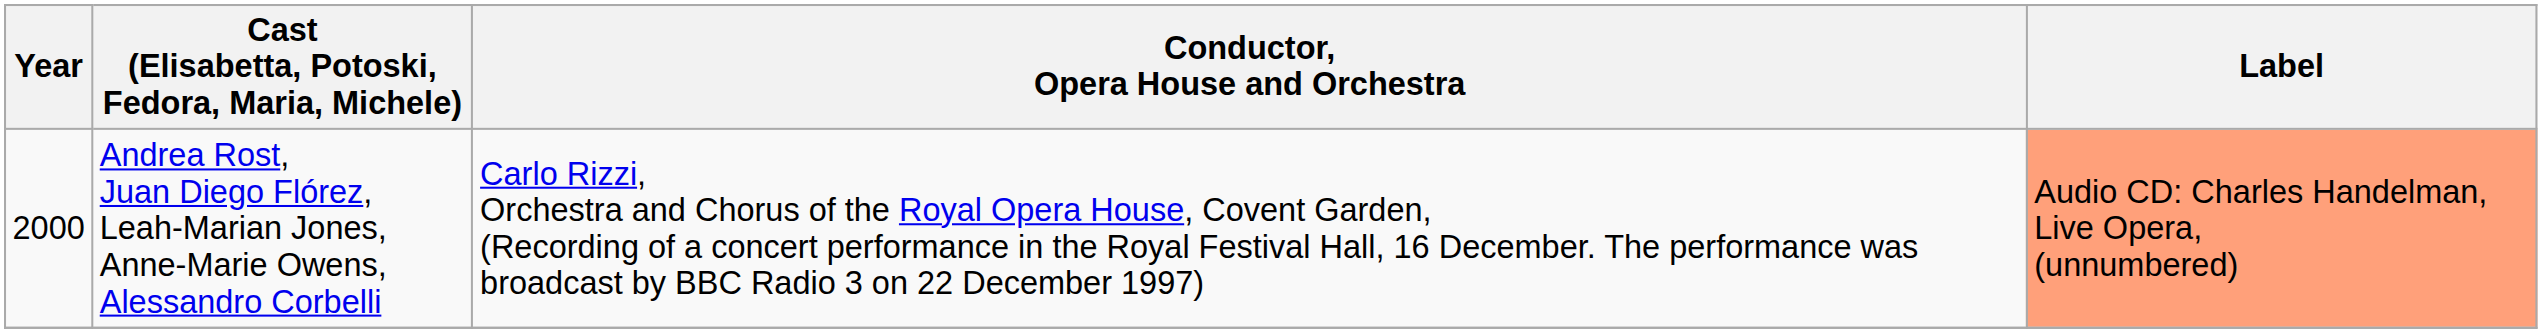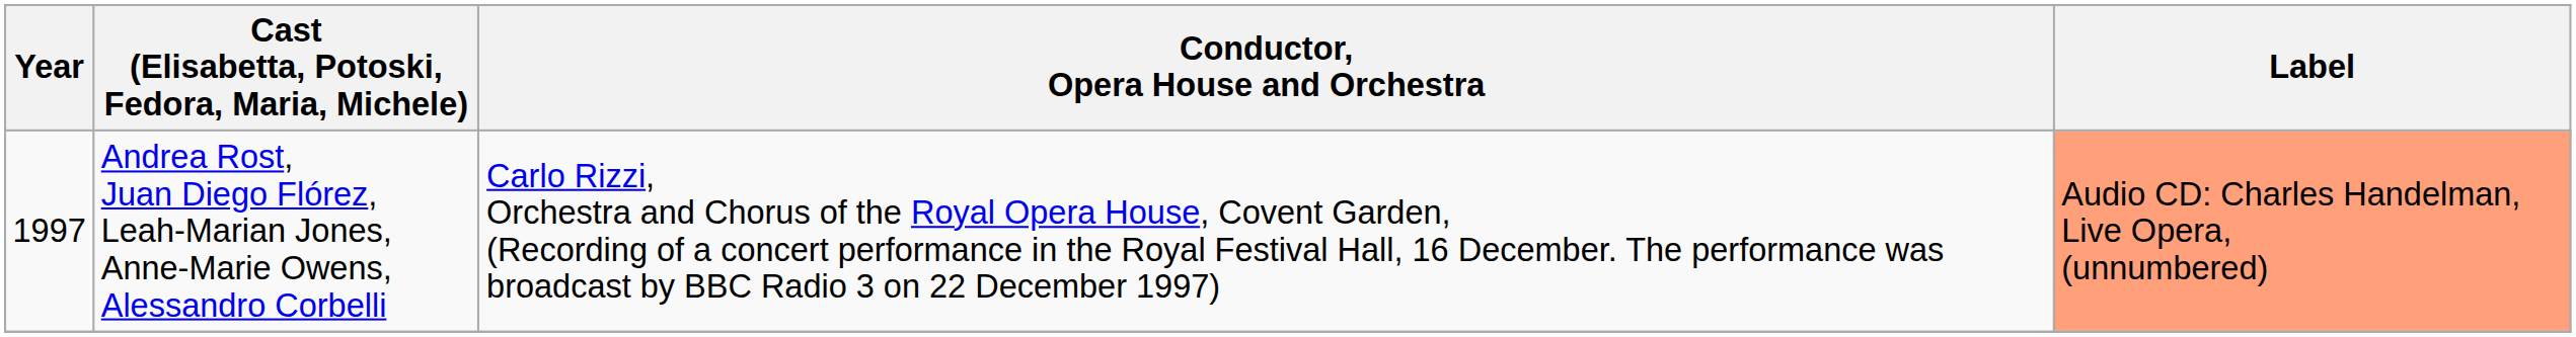 <table class="wikitable">
 <tr>
 <th>Year</th>
 <th width="180">Cast <br>(Elisabetta, Potoski, Fedora, Maria, Michele)</th>
 <th>Conductor,<br>Opera House and Orchestra</th>
 <th>Label</th>
 </tr>
 <tr>
-<td>2000</td>
+<td>1997</td>
 <td><a href='#'>Andrea Rost</a>,<br><a href='#'>Juan Diego Flórez</a>,<br>Leah-Marian Jones,<br>Anne-Marie Owens,<br><a href='#'>Alessandro Corbelli</a></td>
 <td><a href='#'>Carlo Rizzi</a>,<br> Orchestra and Chorus of the <a href='#'>Royal Opera House</a>, Covent Garden,<br>(Recording of a concert performance in the Royal Festival Hall, 16 December. The performance was broadcast by BBC Radio 3 on 22 December 1997)</td>
 <td style="background: lightsalmon;">Audio CD: Charles Handelman, Live Opera,<br> (unnumbered)</td>
 </tr>
 <tr>
 </tr>
 </table>
